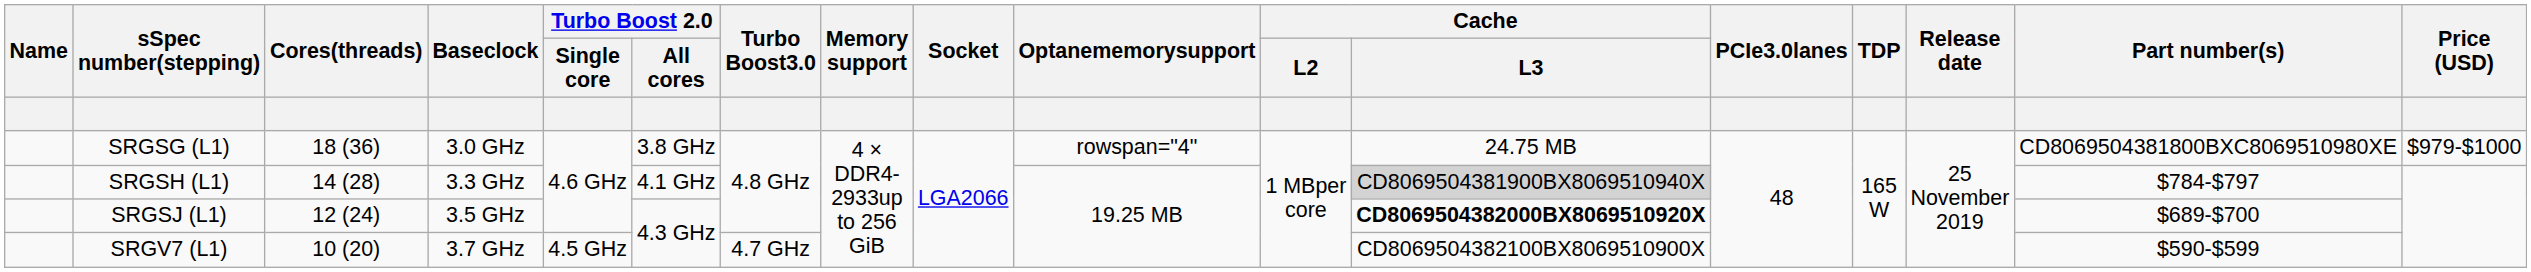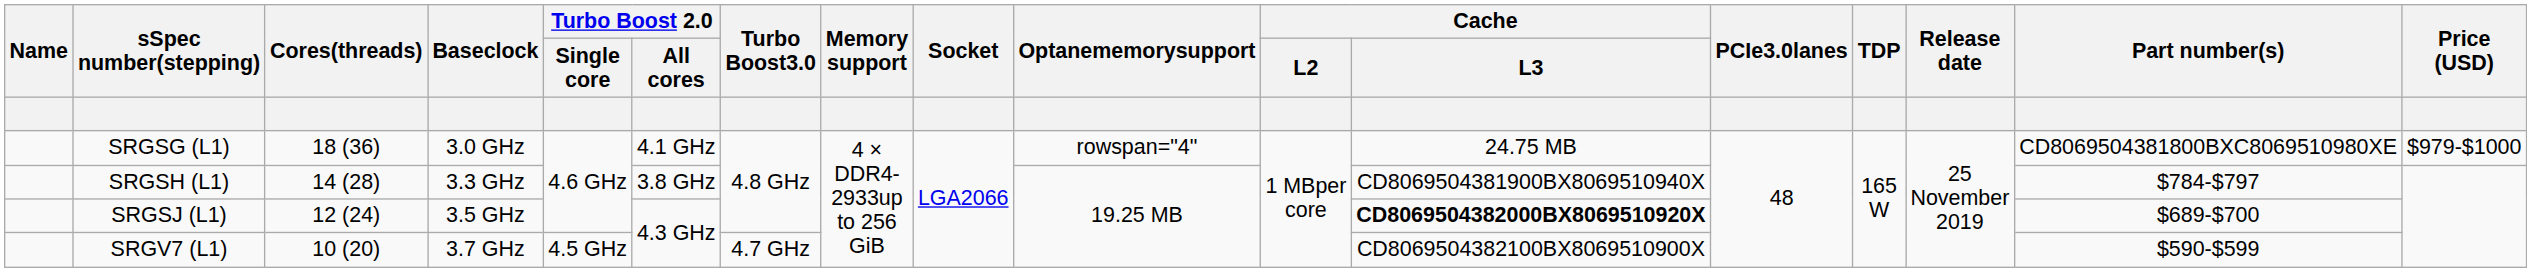 <table class="wikitable sortable hover-highlight" style="text-align: center;">
 <tr>
 <th rowspan="2">Name</th>
 <th rowspan="2">sSpec number(stepping)</th>
 <th rowspan="2">Cores(threads)</th>
 <th rowspan="2">Baseclock</th>
 <th colspan="2"><a href='#'>Turbo Boost</a> 2.0</th>
 <th rowspan="2">Turbo<br>Boost3.0</th>
 <th rowspan="2">Memory<br>support</th>
 <th rowspan="2">Socket</th>
 <th rowspan="2">Optanememorysupport</th>
 <th colspan="2">Cache</th>
 <th rowspan="2">PCIe3.0lanes</th>
 <th rowspan="2">TDP</th>
 <th rowspan="2">Release<br>date</th>
 <th rowspan="2">Part number(s)</th>
 <th rowspan="2">Price<br>(USD)</th>
 </tr>
 <tr>
 <th>Single core</th>
 <th>All cores</th>
 <th>L2</th>
 <th>L3</th>
 </tr>
 <tr>
 <th style="background-position:center"><br></th>
 <th style="background-position:center"></th>
 <th style="background-position:center"></th>
 <th style="background-position:center"></th>
 <th style="background-position:center"></th>
 <th style="background-position:center"></th>
 <th style="background-position:center"></th>
 <th style="background-position:center"></th>
 <th style="background-position:center"></th>
 <th style="background-position:center"></th>
 <th style="background-position:center"></th>
 <th style="background-position:center"></th>
 <th style="background-position:center"></th>
 <th style="background-position:center"></th>
 <th style="background-position:center"></th>
 <th style="background-position:center"></th>
 <th style="background-position:center"></th>
 </tr>
 <tr>
 <td></td>
 <td>SRGSG (L1)</td>
 <td>18 (36)</td>
 <td>3.0 GHz</td>
 <td rowspan="3">4.6 GHz</td>
-<td>3.8 GHz</td>
+<td>4.1 GHz</td>
 <td rowspan="3">4.8 GHz</td>
 <td rowspan="4">4 × DDR4-2933up to 256 GiB</td>
 <td rowspan="4"><a href='#'>LGA2066</a></td>
 <td>rowspan="4" </td>
 <td rowspan="4">1 MBper core</td>
 <td>24.75 MB</td>
 <td rowspan="4">48</td>
 <td rowspan="4">165 W</td>
 <td rowspan="4">25 November 2019</td>
 <td>CD8069504381800BXC8069510980XE</td>
 <td>$979-$1000</td>
 </tr>
 <tr>
 <td></td>
 <td>SRGSH (L1)</td>
 <td>14 (28)</td>
 <td>3.3 GHz</td>
-<td>4.1 GHz</td>
+<td>3.8 GHz</td>
 <td rowspan="3">19.25 MB</td>
-<td style="background: lightgrey;">CD8069504381900BX8069510940X</td>
+<td>CD8069504381900BX8069510940X</td>
 <td>$784-$797</td>
 </tr>
 <tr>
 <td></td>
 <td>SRGSJ (L1)</td>
 <td>12 (24)</td>
 <td>3.5 GHz</td>
 <td rowspan="2">4.3 GHz</td>
 <td><strong>CD8069504382000BX8069510920X</strong></td>
 <td>$689-$700</td>
 </tr>
 <tr>
 <td></td>
 <td>SRGV7 (L1)</td>
 <td>10 (20)</td>
 <td>3.7 GHz</td>
 <td>4.5 GHz</td>
 <td>4.7 GHz</td>
 <td>CD8069504382100BX8069510900X</td>
 <td>$590-$599</td>
 </tr>
 </table>
